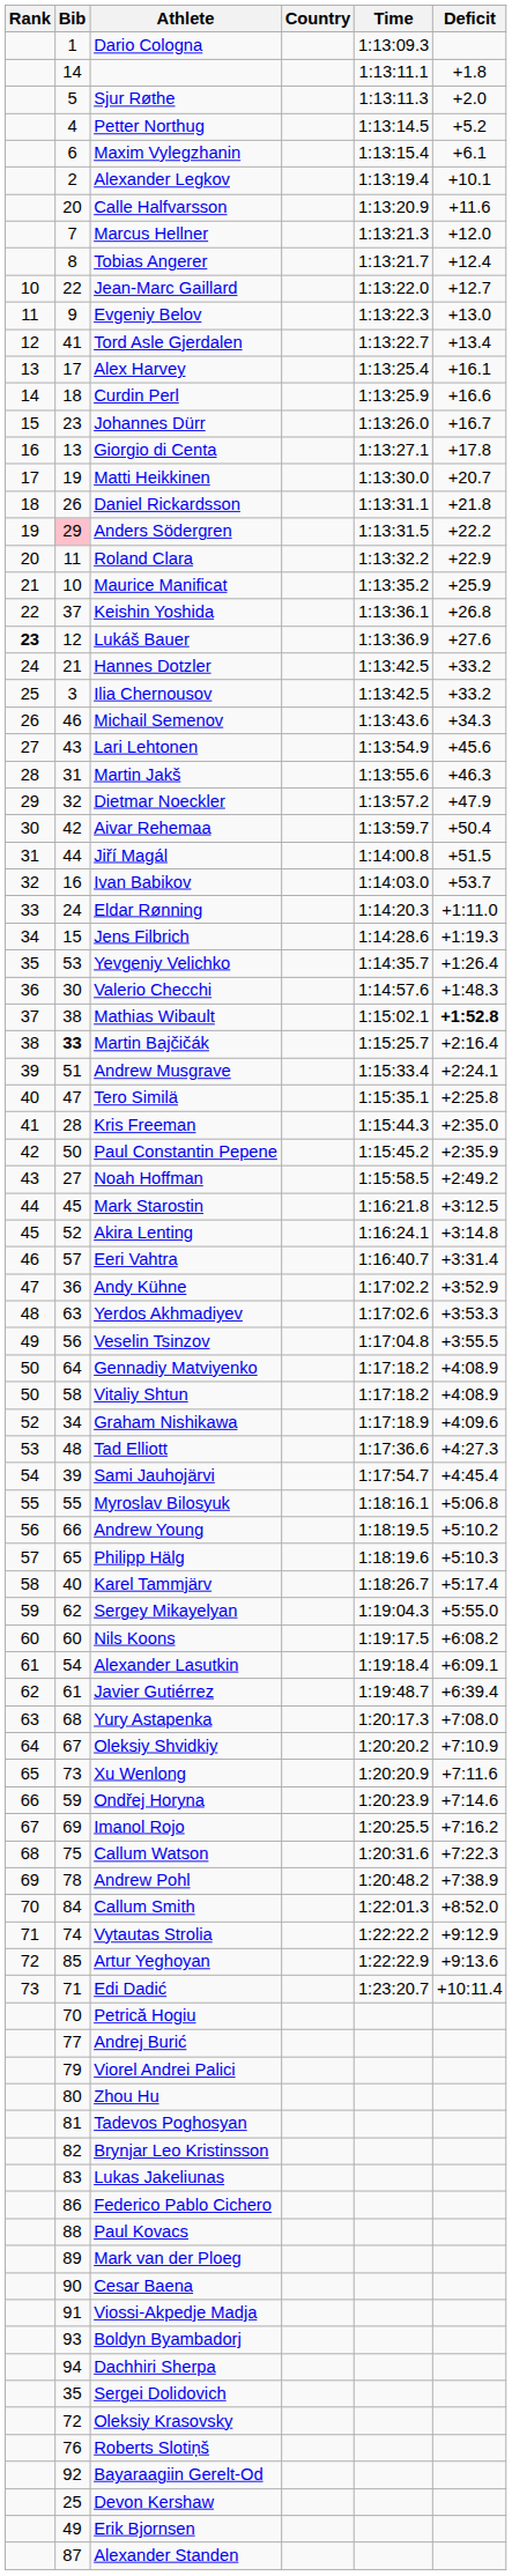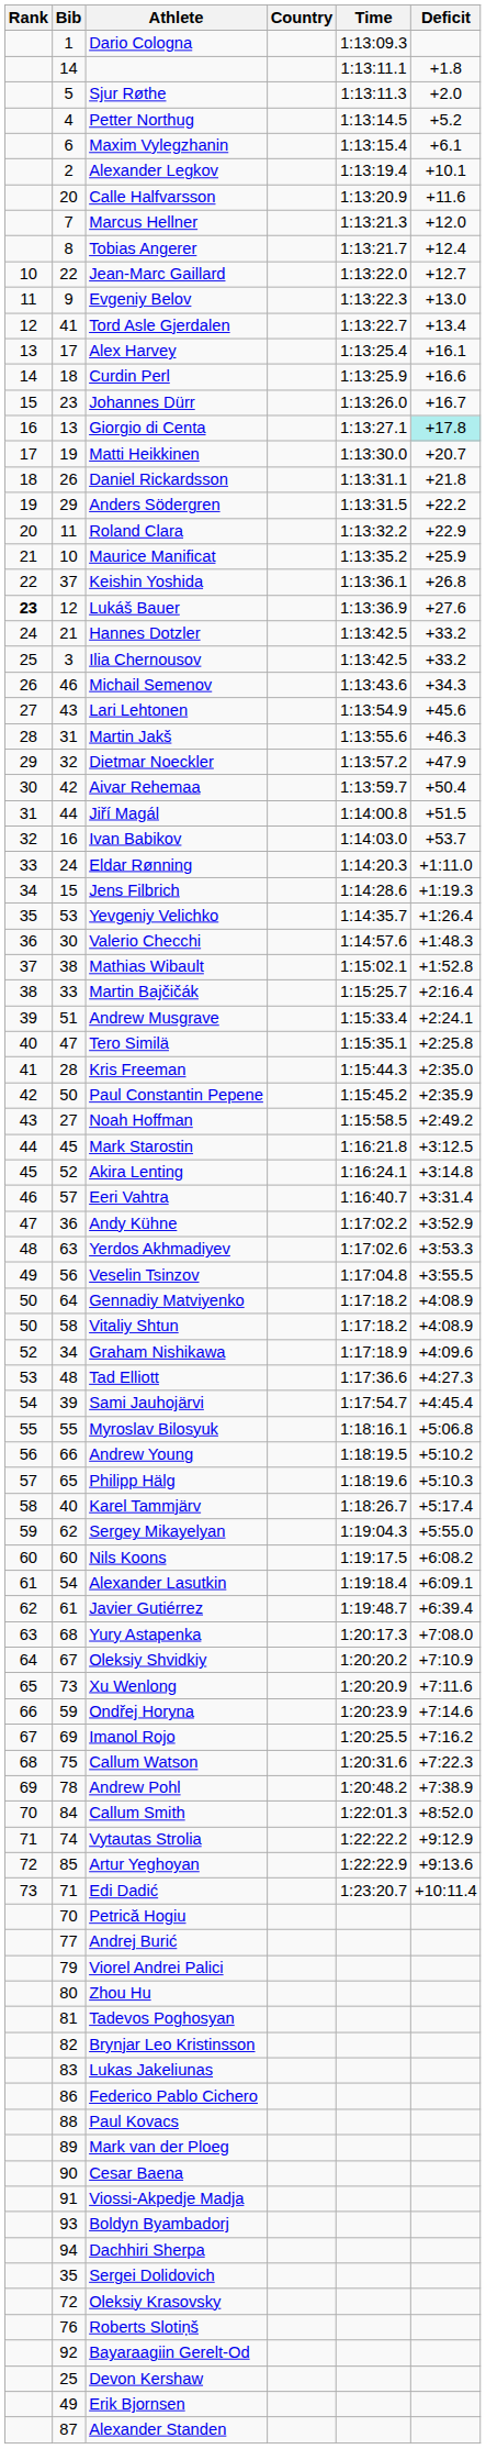 <table class="wikitable sortable" style="text-align:center">
 <tr>
 <th>Rank</th>
 <th>Bib</th>
 <th>Athlete</th>
 <th>Country</th>
 <th>Time</th>
 <th>Deficit</th>
 </tr>
 <tr>
 <td></td>
 <td>1</td>
 <td align=left><a href='#'>Dario Cologna</a></td>
 <td align=left></td>
 <td>1:13:09.3</td>
 <td></td>
 </tr>
 <tr>
 <td></td>
 <td>14</td>
 <td align=left></td>
 <td align=left></td>
 <td>1:13:11.1</td>
 <td>+1.8</td>
 </tr>
 <tr>
 <td></td>
 <td>5</td>
 <td align=left><a href='#'>Sjur Røthe</a></td>
 <td align=left></td>
 <td>1:13:11.3</td>
 <td>+2.0</td>
 </tr>
 <tr>
 <td></td>
 <td>4</td>
 <td align=left><a href='#'>Petter Northug</a></td>
 <td align=left></td>
 <td>1:13:14.5</td>
 <td>+5.2</td>
 </tr>
 <tr>
 <td></td>
 <td>6</td>
 <td align=left><a href='#'>Maxim Vylegzhanin</a></td>
 <td align=left></td>
 <td>1:13:15.4</td>
 <td>+6.1</td>
 </tr>
 <tr>
 <td></td>
 <td>2</td>
 <td align=left><a href='#'>Alexander Legkov</a></td>
 <td align=left></td>
 <td>1:13:19.4</td>
 <td>+10.1</td>
 </tr>
 <tr>
 <td></td>
 <td>20</td>
 <td align=left><a href='#'>Calle Halfvarsson</a></td>
 <td align=left></td>
 <td>1:13:20.9</td>
 <td>+11.6</td>
 </tr>
 <tr>
 <td></td>
 <td>7</td>
 <td align=left><a href='#'>Marcus Hellner</a></td>
 <td align=left></td>
 <td>1:13:21.3</td>
 <td>+12.0</td>
 </tr>
 <tr>
 <td></td>
 <td>8</td>
 <td align=left><a href='#'>Tobias Angerer</a></td>
 <td align=left></td>
 <td>1:13:21.7</td>
 <td>+12.4</td>
 </tr>
 <tr>
 <td>10</td>
 <td>22</td>
 <td align=left><a href='#'>Jean-Marc Gaillard</a></td>
 <td align=left></td>
 <td>1:13:22.0</td>
 <td>+12.7</td>
 </tr>
 <tr>
 <td>11</td>
 <td>9</td>
 <td align=left><a href='#'>Evgeniy Belov</a></td>
 <td align=left></td>
 <td>1:13:22.3</td>
 <td>+13.0</td>
 </tr>
 <tr>
 <td>12</td>
 <td>41</td>
 <td align=left><a href='#'>Tord Asle Gjerdalen</a></td>
 <td align=left></td>
 <td>1:13:22.7</td>
 <td>+13.4</td>
 </tr>
 <tr>
 <td>13</td>
 <td>17</td>
 <td align=left><a href='#'>Alex Harvey</a></td>
 <td align=left></td>
 <td>1:13:25.4</td>
 <td>+16.1</td>
 </tr>
 <tr>
 <td>14</td>
 <td>18</td>
 <td align=left><a href='#'>Curdin Perl</a></td>
 <td align=left></td>
 <td>1:13:25.9</td>
 <td>+16.6</td>
 </tr>
 <tr>
 <td>15</td>
 <td>23</td>
 <td align=left><a href='#'>Johannes Dürr</a></td>
 <td align=left></td>
 <td>1:13:26.0</td>
 <td>+16.7</td>
 </tr>
 <tr>
 <td>16</td>
 <td>13</td>
 <td align=left><a href='#'>Giorgio di Centa</a></td>
 <td align=left></td>
 <td>1:13:27.1</td>
-<td>+17.8</td>
+<td style="background: paleturquoise;">+17.8</td>
 </tr>
 <tr>
 <td>17</td>
 <td>19</td>
 <td align=left><a href='#'>Matti Heikkinen</a></td>
 <td align=left></td>
 <td>1:13:30.0</td>
 <td>+20.7</td>
 </tr>
 <tr>
 <td>18</td>
 <td>26</td>
 <td align=left><a href='#'>Daniel Rickardsson</a></td>
 <td align=left></td>
 <td>1:13:31.1</td>
 <td>+21.8</td>
 </tr>
 <tr>
 <td>19</td>
-<td style="background: pink;">29</td>
+<td>29</td>
 <td align=left><a href='#'>Anders Södergren</a></td>
 <td align=left></td>
 <td>1:13:31.5</td>
 <td>+22.2</td>
 </tr>
 <tr>
 <td>20</td>
 <td>11</td>
 <td align=left><a href='#'>Roland Clara</a></td>
 <td align=left></td>
 <td>1:13:32.2</td>
 <td>+22.9</td>
 </tr>
 <tr>
 <td>21</td>
 <td>10</td>
 <td align=left><a href='#'>Maurice Manificat</a></td>
 <td align=left></td>
 <td>1:13:35.2</td>
 <td>+25.9</td>
 </tr>
 <tr>
 <td>22</td>
 <td>37</td>
 <td align=left><a href='#'>Keishin Yoshida</a></td>
 <td align=left></td>
 <td>1:13:36.1</td>
 <td>+26.8</td>
 </tr>
 <tr>
 <td><strong>23</strong></td>
 <td>12</td>
 <td align=left><a href='#'>Lukáš Bauer</a></td>
 <td align=left></td>
 <td>1:13:36.9</td>
 <td>+27.6</td>
 </tr>
 <tr>
 <td>24</td>
 <td>21</td>
 <td align=left><a href='#'>Hannes Dotzler</a></td>
 <td align=left></td>
 <td>1:13:42.5</td>
 <td>+33.2</td>
 </tr>
 <tr>
 <td>25</td>
 <td>3</td>
 <td align=left><a href='#'>Ilia Chernousov</a></td>
 <td align=left></td>
 <td>1:13:42.5</td>
 <td>+33.2</td>
 </tr>
 <tr>
 <td>26</td>
 <td>46</td>
 <td align=left><a href='#'>Michail Semenov</a></td>
 <td align=left></td>
 <td>1:13:43.6</td>
 <td>+34.3</td>
 </tr>
 <tr>
 <td>27</td>
 <td>43</td>
 <td align=left><a href='#'>Lari Lehtonen</a></td>
 <td align=left></td>
 <td>1:13:54.9</td>
 <td>+45.6</td>
 </tr>
 <tr>
 <td>28</td>
 <td>31</td>
 <td align=left><a href='#'>Martin Jakš</a></td>
 <td align=left></td>
 <td>1:13:55.6</td>
 <td>+46.3</td>
 </tr>
 <tr>
 <td>29</td>
 <td>32</td>
 <td align=left><a href='#'>Dietmar Noeckler</a></td>
 <td align=left></td>
 <td>1:13:57.2</td>
 <td>+47.9</td>
 </tr>
 <tr>
 <td>30</td>
 <td>42</td>
 <td align=left><a href='#'>Aivar Rehemaa</a></td>
 <td align=left></td>
 <td>1:13:59.7</td>
 <td>+50.4</td>
 </tr>
 <tr>
 <td>31</td>
 <td>44</td>
 <td align=left><a href='#'>Jiří Magál</a></td>
 <td align=left></td>
 <td>1:14:00.8</td>
 <td>+51.5</td>
 </tr>
 <tr>
 <td>32</td>
 <td>16</td>
 <td align=left><a href='#'>Ivan Babikov</a></td>
 <td align=left></td>
 <td>1:14:03.0</td>
 <td>+53.7</td>
 </tr>
 <tr>
 <td>33</td>
 <td>24</td>
 <td align=left><a href='#'>Eldar Rønning</a></td>
 <td align=left></td>
 <td>1:14:20.3</td>
 <td>+1:11.0</td>
 </tr>
 <tr>
 <td>34</td>
 <td>15</td>
 <td align=left><a href='#'>Jens Filbrich</a></td>
 <td align=left></td>
 <td>1:14:28.6</td>
 <td>+1:19.3</td>
 </tr>
 <tr>
 <td>35</td>
 <td>53</td>
 <td align=left><a href='#'>Yevgeniy Velichko</a></td>
 <td align=left></td>
 <td>1:14:35.7</td>
 <td>+1:26.4</td>
 </tr>
 <tr>
 <td>36</td>
 <td>30</td>
 <td align=left><a href='#'>Valerio Checchi</a></td>
 <td align=left></td>
 <td>1:14:57.6</td>
 <td>+1:48.3</td>
 </tr>
 <tr>
 <td>37</td>
 <td>38</td>
 <td align=left><a href='#'>Mathias Wibault</a></td>
 <td align=left></td>
 <td>1:15:02.1</td>
-<td><strong>+1:52.8</strong></td>
+<td>+1:52.8</td>
 </tr>
 <tr>
 <td>38</td>
-<td><strong>33</strong></td>
+<td>33</td>
 <td align=left><a href='#'>Martin Bajčičák</a></td>
 <td align=left></td>
 <td>1:15:25.7</td>
 <td>+2:16.4</td>
 </tr>
 <tr>
 <td>39</td>
 <td>51</td>
 <td align=left><a href='#'>Andrew Musgrave</a></td>
 <td align=left></td>
 <td>1:15:33.4</td>
 <td>+2:24.1</td>
 </tr>
 <tr>
 <td>40</td>
 <td>47</td>
 <td align=left><a href='#'>Tero Similä</a></td>
 <td align=left></td>
 <td>1:15:35.1</td>
 <td>+2:25.8</td>
 </tr>
 <tr>
 <td>41</td>
 <td>28</td>
 <td align=left><a href='#'>Kris Freeman</a></td>
 <td align=left></td>
 <td>1:15:44.3</td>
 <td>+2:35.0</td>
 </tr>
 <tr>
 <td>42</td>
 <td>50</td>
 <td align=left><a href='#'>Paul Constantin Pepene</a></td>
 <td align=left></td>
 <td>1:15:45.2</td>
 <td>+2:35.9</td>
 </tr>
 <tr>
 <td>43</td>
 <td>27</td>
 <td align=left><a href='#'>Noah Hoffman</a></td>
 <td align=left></td>
 <td>1:15:58.5</td>
 <td>+2:49.2</td>
 </tr>
 <tr>
 <td>44</td>
 <td>45</td>
 <td align=left><a href='#'>Mark Starostin</a></td>
 <td align=left></td>
 <td>1:16:21.8</td>
 <td>+3:12.5</td>
 </tr>
 <tr>
 <td>45</td>
 <td>52</td>
 <td align=left><a href='#'>Akira Lenting</a></td>
 <td align=left></td>
 <td>1:16:24.1</td>
 <td>+3:14.8</td>
 </tr>
 <tr>
 <td>46</td>
 <td>57</td>
 <td align=left><a href='#'>Eeri Vahtra</a></td>
 <td align=left></td>
 <td>1:16:40.7</td>
 <td>+3:31.4</td>
 </tr>
 <tr>
 <td>47</td>
 <td>36</td>
 <td align=left><a href='#'>Andy Kühne</a></td>
 <td align=left></td>
 <td>1:17:02.2</td>
 <td>+3:52.9</td>
 </tr>
 <tr>
 <td>48</td>
 <td>63</td>
 <td align=left><a href='#'>Yerdos Akhmadiyev</a></td>
 <td align=left></td>
 <td>1:17:02.6</td>
 <td>+3:53.3</td>
 </tr>
 <tr>
 <td>49</td>
 <td>56</td>
 <td align=left><a href='#'>Veselin Tsinzov</a></td>
 <td align=left></td>
 <td>1:17:04.8</td>
 <td>+3:55.5</td>
 </tr>
 <tr>
 <td>50</td>
 <td>64</td>
 <td align=left><a href='#'>Gennadiy Matviyenko</a></td>
 <td align=left></td>
 <td>1:17:18.2</td>
 <td>+4:08.9</td>
 </tr>
 <tr>
 <td>50</td>
 <td>58</td>
 <td align=left><a href='#'>Vitaliy Shtun</a></td>
 <td align=left></td>
 <td>1:17:18.2</td>
 <td>+4:08.9</td>
 </tr>
 <tr>
 <td>52</td>
 <td>34</td>
 <td align=left><a href='#'>Graham Nishikawa</a></td>
 <td align=left></td>
 <td>1:17:18.9</td>
 <td>+4:09.6</td>
 </tr>
 <tr>
 <td>53</td>
 <td>48</td>
 <td align=left><a href='#'>Tad Elliott</a></td>
 <td align=left></td>
 <td>1:17:36.6</td>
 <td>+4:27.3</td>
 </tr>
 <tr>
 <td>54</td>
 <td>39</td>
 <td align=left><a href='#'>Sami Jauhojärvi</a></td>
 <td align=left></td>
 <td>1:17:54.7</td>
 <td>+4:45.4</td>
 </tr>
 <tr>
 <td>55</td>
 <td>55</td>
 <td align=left><a href='#'>Myroslav Bilosyuk</a></td>
 <td align=left></td>
 <td>1:18:16.1</td>
 <td>+5:06.8</td>
 </tr>
 <tr>
 <td>56</td>
 <td>66</td>
 <td align=left><a href='#'>Andrew Young</a></td>
 <td align=left></td>
 <td>1:18:19.5</td>
 <td>+5:10.2</td>
 </tr>
 <tr>
 <td>57</td>
 <td>65</td>
 <td align=left><a href='#'>Philipp Hälg</a></td>
 <td align=left></td>
 <td>1:18:19.6</td>
 <td>+5:10.3</td>
 </tr>
 <tr>
 <td>58</td>
 <td>40</td>
 <td align=left><a href='#'>Karel Tammjärv</a></td>
 <td align=left></td>
 <td>1:18:26.7</td>
 <td>+5:17.4</td>
 </tr>
 <tr>
 <td>59</td>
 <td>62</td>
 <td align=left><a href='#'>Sergey Mikayelyan</a></td>
 <td align=left></td>
 <td>1:19:04.3</td>
 <td>+5:55.0</td>
 </tr>
 <tr>
 <td>60</td>
 <td>60</td>
 <td align=left><a href='#'>Nils Koons</a></td>
 <td align=left></td>
 <td>1:19:17.5</td>
 <td>+6:08.2</td>
 </tr>
 <tr>
 <td>61</td>
 <td>54</td>
 <td align=left><a href='#'>Alexander Lasutkin</a></td>
 <td align=left></td>
 <td>1:19:18.4</td>
 <td>+6:09.1</td>
 </tr>
 <tr>
 <td>62</td>
 <td>61</td>
 <td align=left><a href='#'>Javier Gutiérrez</a></td>
 <td align=left></td>
 <td>1:19:48.7</td>
 <td>+6:39.4</td>
 </tr>
 <tr>
 <td>63</td>
 <td>68</td>
 <td align=left><a href='#'>Yury Astapenka</a></td>
 <td align=left></td>
 <td>1:20:17.3</td>
 <td>+7:08.0</td>
 </tr>
 <tr>
 <td>64</td>
 <td>67</td>
 <td align=left><a href='#'>Oleksiy Shvidkiy</a></td>
 <td align=left></td>
 <td>1:20:20.2</td>
 <td>+7:10.9</td>
 </tr>
 <tr>
 <td>65</td>
 <td>73</td>
 <td align=left><a href='#'>Xu Wenlong</a></td>
 <td align=left></td>
 <td>1:20:20.9</td>
 <td>+7:11.6</td>
 </tr>
 <tr>
 <td>66</td>
 <td>59</td>
 <td align=left><a href='#'>Ondřej Horyna</a></td>
 <td align=left></td>
 <td>1:20:23.9</td>
 <td>+7:14.6</td>
 </tr>
 <tr>
 <td>67</td>
 <td>69</td>
 <td align=left><a href='#'>Imanol Rojo</a></td>
 <td align=left></td>
 <td>1:20:25.5</td>
 <td>+7:16.2</td>
 </tr>
 <tr>
 <td>68</td>
 <td>75</td>
 <td align=left><a href='#'>Callum Watson</a></td>
 <td align=left></td>
 <td>1:20:31.6</td>
 <td>+7:22.3</td>
 </tr>
 <tr>
 <td>69</td>
 <td>78</td>
 <td align=left><a href='#'>Andrew Pohl</a></td>
 <td align=left></td>
 <td>1:20:48.2</td>
 <td>+7:38.9</td>
 </tr>
 <tr>
 <td>70</td>
 <td>84</td>
 <td align=left><a href='#'>Callum Smith</a></td>
 <td align=left></td>
 <td>1:22:01.3</td>
 <td>+8:52.0</td>
 </tr>
 <tr>
 <td>71</td>
 <td>74</td>
 <td align=left><a href='#'>Vytautas Strolia</a></td>
 <td align=left></td>
 <td>1:22:22.2</td>
 <td>+9:12.9</td>
 </tr>
 <tr>
 <td>72</td>
 <td>85</td>
 <td align=left><a href='#'>Artur Yeghoyan</a></td>
 <td align=left></td>
 <td>1:22:22.9</td>
 <td>+9:13.6</td>
 </tr>
 <tr>
 <td>73</td>
 <td>71</td>
 <td align=left><a href='#'>Edi Dadić</a></td>
 <td align=left></td>
 <td>1:23:20.7</td>
 <td>+10:11.4</td>
 </tr>
 <tr>
 <td></td>
 <td>70</td>
 <td align=left><a href='#'>Petrică Hogiu</a></td>
 <td align=left></td>
 <td></td>
 <td></td>
 </tr>
 <tr>
 <td></td>
 <td>77</td>
 <td align=left><a href='#'>Andrej Burić</a></td>
 <td align=left></td>
 <td></td>
 <td></td>
 </tr>
 <tr>
 <td></td>
 <td>79</td>
 <td align=left><a href='#'>Viorel Andrei Palici</a></td>
 <td align=left></td>
 <td></td>
 <td></td>
 </tr>
 <tr>
 <td></td>
 <td>80</td>
 <td align=left><a href='#'>Zhou Hu</a></td>
 <td align=left></td>
 <td></td>
 <td></td>
 </tr>
 <tr>
 <td></td>
 <td>81</td>
 <td align=left><a href='#'>Tadevos Poghosyan</a></td>
 <td align=left></td>
 <td></td>
 <td></td>
 </tr>
 <tr>
 <td></td>
 <td>82</td>
 <td align=left><a href='#'>Brynjar Leo Kristinsson</a></td>
 <td align=left></td>
 <td></td>
 <td></td>
 </tr>
 <tr>
 <td></td>
 <td>83</td>
 <td align=left><a href='#'>Lukas Jakeliunas</a></td>
 <td align=left></td>
 <td></td>
 <td></td>
 </tr>
 <tr>
 <td></td>
 <td>86</td>
 <td align=left><a href='#'>Federico Pablo Cichero</a></td>
 <td align=left></td>
 <td></td>
 <td></td>
 </tr>
 <tr>
 <td></td>
 <td>88</td>
 <td align=left><a href='#'>Paul Kovacs</a></td>
 <td align=left></td>
 <td></td>
 <td></td>
 </tr>
 <tr>
 <td></td>
 <td>89</td>
 <td align=left><a href='#'>Mark van der Ploeg</a></td>
 <td align=left></td>
 <td></td>
 <td></td>
 </tr>
 <tr>
 <td></td>
 <td>90</td>
 <td align=left><a href='#'>Cesar Baena</a></td>
 <td align=left></td>
 <td></td>
 <td></td>
 </tr>
 <tr>
 <td></td>
 <td>91</td>
 <td align=left><a href='#'>Viossi-Akpedje Madja</a></td>
 <td align=left></td>
 <td></td>
 <td></td>
 </tr>
 <tr>
 <td></td>
 <td>93</td>
 <td align=left><a href='#'>Boldyn Byambadorj</a></td>
 <td align=left></td>
 <td></td>
 <td></td>
 </tr>
 <tr>
 <td></td>
 <td>94</td>
 <td align=left><a href='#'>Dachhiri Sherpa</a></td>
 <td align=left></td>
 <td></td>
 <td></td>
 </tr>
 <tr>
 <td></td>
 <td>35</td>
 <td align=left><a href='#'>Sergei Dolidovich</a></td>
 <td align=left></td>
 <td></td>
 <td></td>
 </tr>
 <tr>
 <td></td>
 <td>72</td>
 <td align=left><a href='#'>Oleksiy Krasovsky</a></td>
 <td align=left></td>
 <td></td>
 <td></td>
 </tr>
 <tr>
 <td></td>
 <td>76</td>
 <td align=left><a href='#'>Roberts Slotiņš</a></td>
 <td align=left></td>
 <td></td>
 <td></td>
 </tr>
 <tr>
 <td></td>
 <td>92</td>
 <td align=left><a href='#'>Bayaraagiin Gerelt-Od</a></td>
 <td align=left></td>
 <td></td>
 <td></td>
 </tr>
 <tr>
 <td></td>
 <td>25</td>
 <td align=left><a href='#'>Devon Kershaw</a></td>
 <td align=left></td>
 <td></td>
 <td></td>
 </tr>
 <tr>
 <td></td>
 <td>49</td>
 <td align=left><a href='#'>Erik Bjornsen</a></td>
 <td align=left></td>
 <td></td>
 <td></td>
 </tr>
 <tr>
 <td></td>
 <td>87</td>
 <td align=left><a href='#'>Alexander Standen</a></td>
 <td align=left></td>
 <td></td>
 <td></td>
 </tr>
 </table>
